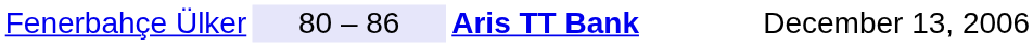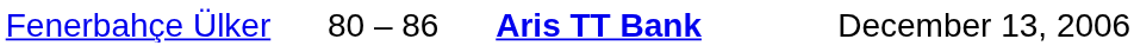 <table style="text-align:center">
 <tr>
 <th width=160></th>
 <th width=100></th>
 <th width=160></th>
 <th width=200></th>
 </tr>
 <tr>
 <td align=right><a href='#'>Fenerbahçe Ülker</a> </td>
-<td style="background: lavender;">80 – 86</td>
+<td>80 – 86</td>
 <td align=left> <strong><a href='#'>Aris TT Bank</a></strong></td>
 <td align=left>December 13, 2006</td>
 </tr>
 </table>
